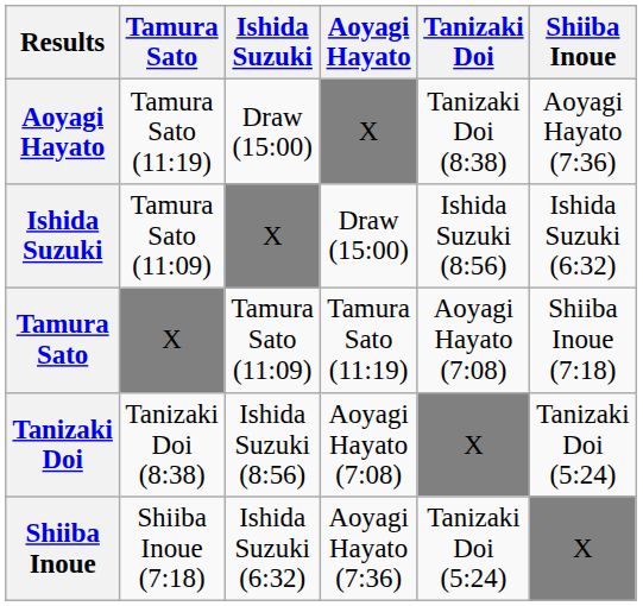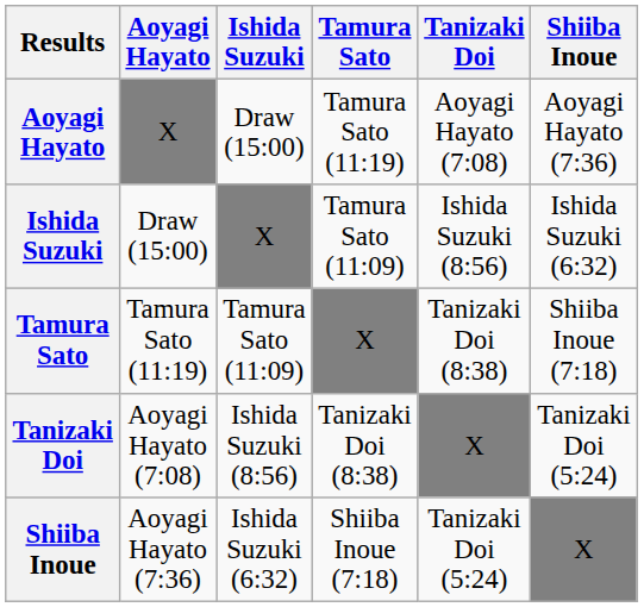 <table class="wikitable" style="text-align:center; margin: 1em auto 1em auto">
 <tr>
 <th>Results</th>
+<th><a href='#'>Aoyagi</a><br><a href='#'>Hayato</a></th>
+<th><a href='#'>Ishida</a><br><a href='#'>Suzuki</a></th>
 <th><a href='#'>Tamura</a><br><a href='#'>Sato</a></th>
-<th><a href='#'>Ishida</a><br><a href='#'>Suzuki</a></th>
-<th><a href='#'>Aoyagi</a><br><a href='#'>Hayato</a></th>
 <th><a href='#'>Tanizaki</a><br><a href='#'>Doi</a></th>
 <th><a href='#'>Shiiba</a><br>Inoue</th>
 </tr>
 <tr>
 <th><a href='#'>Aoyagi</a><br><a href='#'>Hayato</a></th>
+<td bgcolor=grey>X</td>
+<td>Draw<br>(15:00)</td>
 <td>Tamura<br>Sato<br>(11:19)</td>
-<td>Draw<br>(15:00)</td>
-<td bgcolor=grey>X</td>
-<td>Tanizaki<br>Doi<br>(8:38)</td>
+<td>Aoyagi<br>Hayato<br>(7:08)</td>
 <td>Aoyagi<br>Hayato<br>(7:36)</td>
 </tr>
 <tr>
 <th><a href='#'>Ishida</a><br><a href='#'>Suzuki</a></th>
+<td>Draw<br>(15:00)</td>
+<td bgcolor=grey>X</td>
 <td>Tamura<br>Sato<br>(11:09)</td>
-<td bgcolor=grey>X</td>
-<td>Draw<br>(15:00)</td>
 <td>Ishida<br>Suzuki<br>(8:56)</td>
 <td>Ishida<br>Suzuki<br>(6:32)</td>
 </tr>
 <tr>
 <th><a href='#'>Tamura</a><br><a href='#'>Sato</a></th>
+<td>Tamura<br>Sato<br>(11:19)</td>
+<td>Tamura<br>Sato<br>(11:09)</td>
 <td bgcolor=grey>X</td>
-<td>Tamura<br>Sato<br>(11:09)</td>
-<td>Tamura<br>Sato<br>(11:19)</td>
-<td>Aoyagi<br>Hayato<br>(7:08)</td>
+<td>Tanizaki<br>Doi<br>(8:38)</td>
 <td>Shiiba<br>Inoue<br>(7:18)</td>
 </tr>
 <tr>
 <th><a href='#'>Tanizaki</a><br><a href='#'>Doi</a></th>
+<td>Aoyagi<br>Hayato<br>(7:08)</td>
+<td>Ishida<br>Suzuki<br>(8:56)</td>
 <td>Tanizaki<br>Doi<br>(8:38)</td>
-<td>Ishida<br>Suzuki<br>(8:56)</td>
-<td>Aoyagi<br>Hayato<br>(7:08)</td>
 <td bgcolor=grey>X</td>
 <td>Tanizaki<br>Doi<br>(5:24)</td>
 </tr>
 <tr>
 <th><a href='#'>Shiiba</a><br>Inoue</th>
+<td>Aoyagi<br>Hayato<br>(7:36)</td>
+<td>Ishida<br>Suzuki<br>(6:32)</td>
 <td>Shiiba<br>Inoue<br>(7:18)</td>
-<td>Ishida<br>Suzuki<br>(6:32)</td>
-<td>Aoyagi<br>Hayato<br>(7:36)</td>
 <td>Tanizaki<br>Doi<br>(5:24)</td>
 <td bgcolor=grey>X</td>
 </tr>
 </table>
